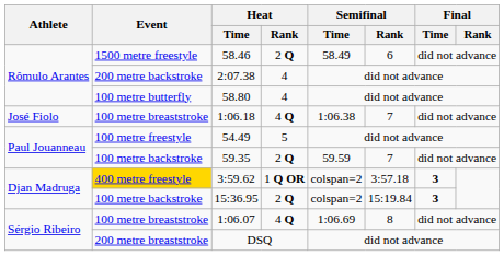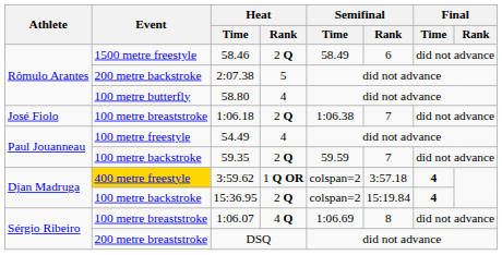 <table class=wikitable style="font-size:90%">
 <tr>
 <th rowspan="2">Athlete</th>
 <th rowspan="2">Event</th>
 <th colspan="2">Heat</th>
 <th colspan="2">Semifinal</th>
 <th colspan="2">Final</th>
 </tr>
 <tr style="font-size:95%">
 <th>Time</th>
 <th>Rank</th>
 <th>Time</th>
 <th>Rank</th>
 <th>Time</th>
 <th>Rank</th>
 </tr>
 <tr align=center>
 <td style="text-align:left;" rowspan="3"><a href='#'>Rômulo Arantes</a></td>
 <td style="text-align:left;"><a href='#'>1500 metre freestyle</a></td>
 <td>58.46</td>
 <td>2 <strong>Q</strong></td>
 <td>58.49</td>
 <td>6</td>
 <td colspan=4>did not advance</td>
 </tr>
 <tr align=center>
 <td style="text-align:left;"><a href='#'>200 metre backstroke</a></td>
 <td>2:07.38</td>
-<td>4</td>
+<td>5</td>
 <td colspan=4>did not advance</td>
 </tr>
 <tr align=center>
 <td style="text-align:left;"><a href='#'>100 metre butterfly</a></td>
 <td>58.80</td>
 <td>4</td>
 <td colspan=4>did not advance</td>
 </tr>
 <tr align=center>
 <td style="text-align:left;" rowspan="1"><a href='#'>José Fiolo</a></td>
 <td align=left><a href='#'>100 metre breaststroke</a></td>
 <td>1:06.18</td>
-<td>4 <strong>Q</strong></td>
+<td>2 <strong>Q</strong></td>
 <td>1:06.38</td>
 <td>7</td>
 <td colspan=2>did not advance</td>
 </tr>
 <tr align=center>
 <td style="text-align:left;" rowspan="2"><a href='#'>Paul Jouanneau</a></td>
 <td style="text-align:left;"><a href='#'>100 metre freestyle</a></td>
 <td>54.49</td>
-<td>5</td>
+<td>4</td>
 <td colspan=4>did not advance</td>
 </tr>
 <tr align=center>
 <td style="text-align:left;"><a href='#'>100 metre backstroke</a></td>
 <td>59.35</td>
 <td>2 <strong>Q</strong></td>
 <td>59.59</td>
 <td>7</td>
 <td colspan=4>did not advance</td>
 </tr>
 <tr align=center>
 <td style="text-align:left;" rowspan="2"><a href='#'>Djan Madruga</a></td>
 <td style="background: gold; text-align:left;"><a href='#'>400 metre freestyle</a></td>
 <td>3:59.62</td>
 <td>1 <strong>Q</strong> <strong>OR</strong></td>
 <td>colspan=2 </td>
 <td>3:57.18</td>
-<td><strong>3</strong></td>
+<td><strong>4</strong></td>
 </tr>
 <tr align=center>
 <td style="text-align:left;"><a href='#'>100 metre backstroke</a></td>
 <td>15:36.95</td>
 <td>2 <strong>Q</strong></td>
 <td>colspan=2 </td>
 <td>15:19.84</td>
-<td><strong>3</strong></td>
+<td><strong>4</strong></td>
 </tr>
 <tr align=center>
 <td style="text-align:left;" rowspan="2"><a href='#'>Sérgio Ribeiro</a></td>
 <td align=left><a href='#'>100 metre breaststroke</a></td>
 <td>1:06.07</td>
 <td>4 <strong>Q</strong></td>
 <td>1:06.69</td>
 <td>8</td>
 <td colspan=2>did not advance</td>
 </tr>
 <tr align=center>
 <td align=left><a href='#'>200 metre breaststroke</a></td>
 <td colspan=2>DSQ</td>
 <td colspan=4>did not advance</td>
 </tr>
 </table>
